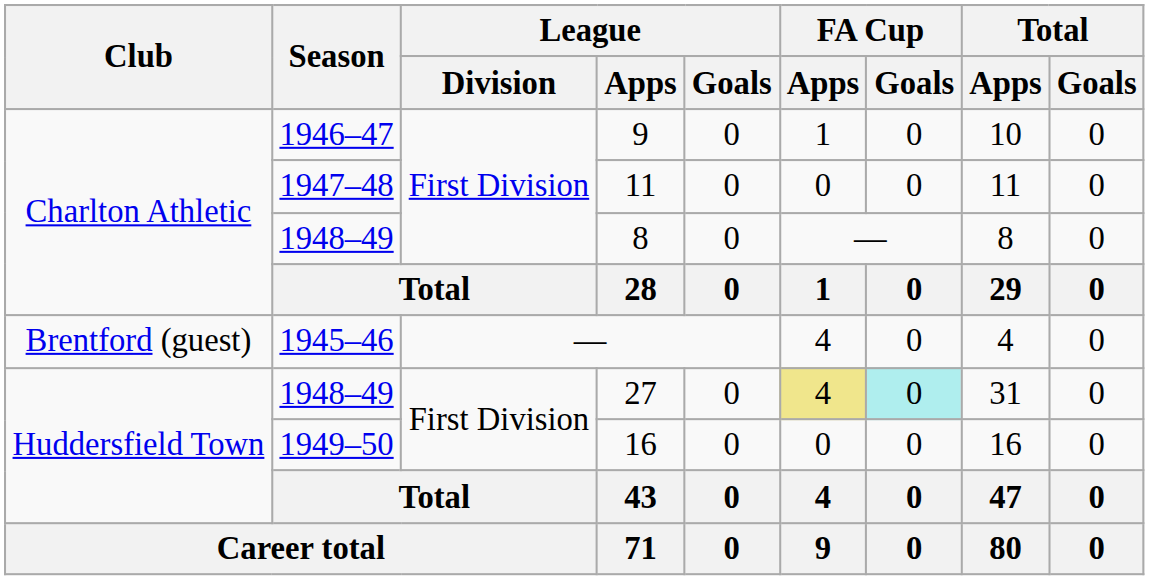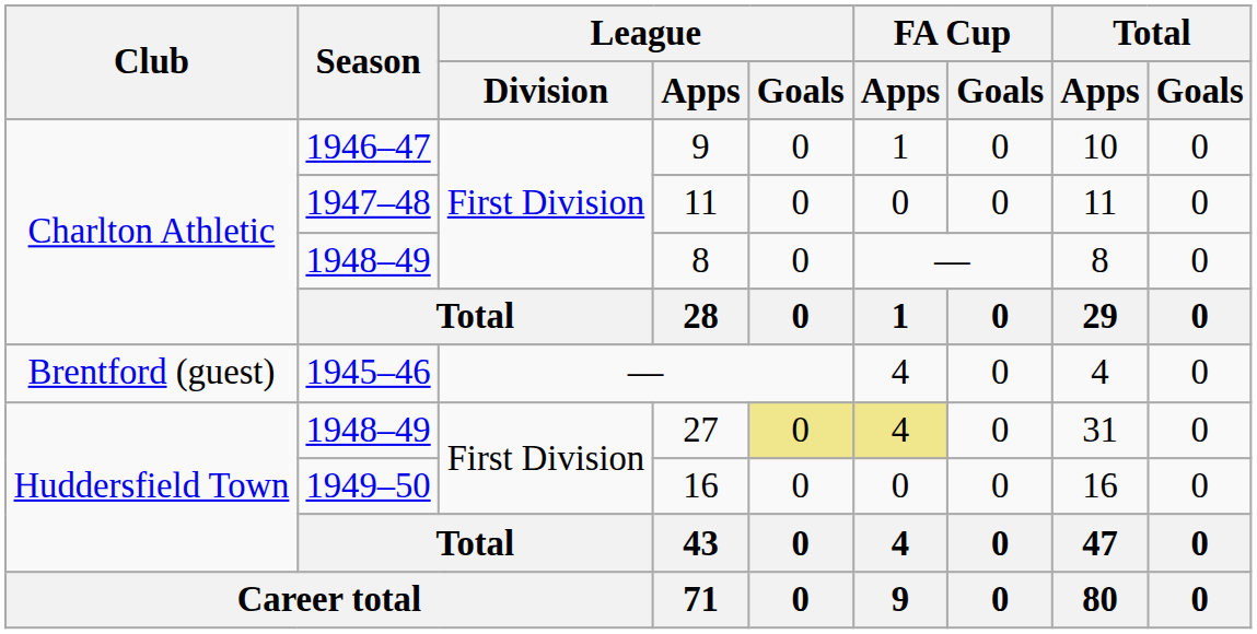 <table class="wikitable" style="text-align:center">
 <tr>
 <th rowspan="2">Club</th>
 <th rowspan="2">Season</th>
 <th colspan="3">League</th>
 <th colspan="2">FA Cup</th>
 <th colspan="2">Total</th>
 </tr>
 <tr>
 <th>Division</th>
 <th>Apps</th>
 <th>Goals</th>
 <th>Apps</th>
 <th>Goals</th>
 <th>Apps</th>
 <th>Goals</th>
 </tr>
 <tr>
 <td rowspan="4"><a href='#'>Charlton Athletic</a></td>
 <td><a href='#'>1946–47</a></td>
 <td rowspan="3"><a href='#'>First Division</a></td>
 <td>9</td>
 <td>0</td>
 <td>1</td>
 <td>0</td>
 <td>10</td>
 <td>0</td>
 </tr>
 <tr>
 <td><a href='#'>1947–48</a></td>
 <td>11</td>
 <td>0</td>
 <td>0</td>
 <td>0</td>
 <td>11</td>
 <td>0</td>
 </tr>
 <tr>
 <td><a href='#'>1948–49</a></td>
 <td>8</td>
 <td>0</td>
 <td colspan="2">―</td>
 <td>8</td>
 <td>0</td>
 </tr>
 <tr>
 <th colspan="2">Total</th>
 <th>28</th>
 <th>0</th>
 <th>1</th>
 <th>0</th>
 <th>29</th>
 <th>0</th>
 </tr>
 <tr>
 <td><a href='#'>Brentford</a> (guest)</td>
 <td><a href='#'>1945–46</a></td>
 <td colspan="3">―</td>
 <td>4</td>
 <td>0</td>
 <td>4</td>
 <td>0</td>
 </tr>
 <tr>
 <td rowspan="3"><a href='#'>Huddersfield Town</a></td>
 <td><a href='#'>1948–49</a></td>
 <td rowspan="2">First Division</td>
 <td>27</td>
+<td style="background: khaki;">0</td>
+<td style="background: khaki;">4</td>
 <td>0</td>
-<td style="background: khaki;">4</td>
-<td style="background: paleturquoise;">0</td>
 <td>31</td>
 <td>0</td>
 </tr>
 <tr>
 <td><a href='#'>1949–50</a></td>
 <td>16</td>
 <td>0</td>
 <td>0</td>
 <td>0</td>
 <td>16</td>
 <td>0</td>
 </tr>
 <tr>
 <th colspan="2">Total</th>
 <th>43</th>
 <th>0</th>
 <th>4</th>
 <th>0</th>
 <th>47</th>
 <th>0</th>
 </tr>
 <tr>
 <th colspan="3">Career total</th>
 <th>71</th>
 <th>0</th>
 <th>9</th>
 <th>0</th>
 <th>80</th>
 <th>0</th>
 </tr>
 </table>
